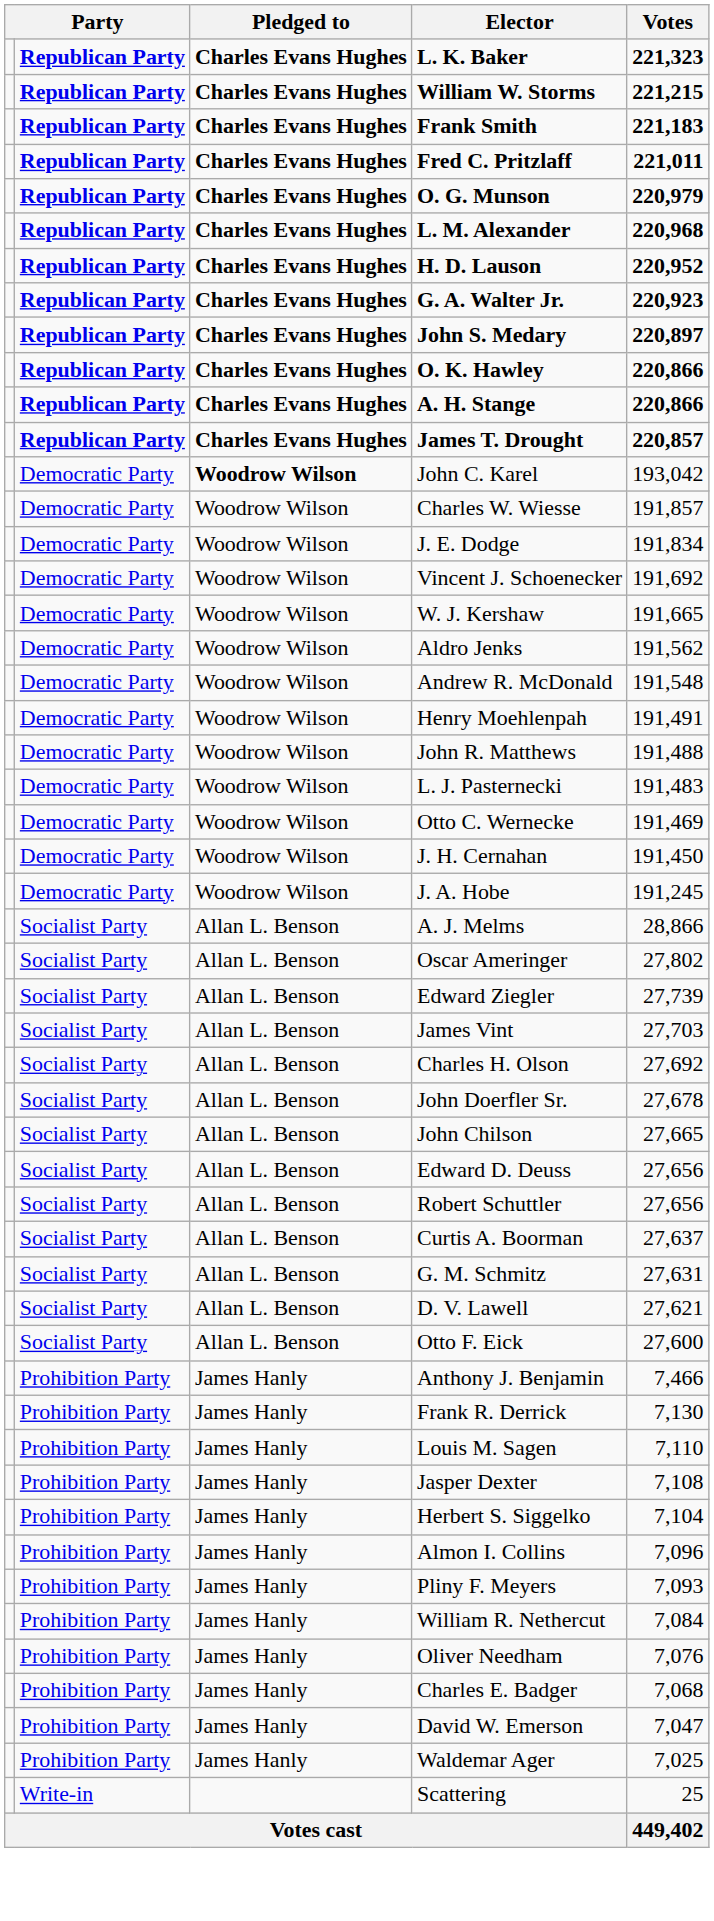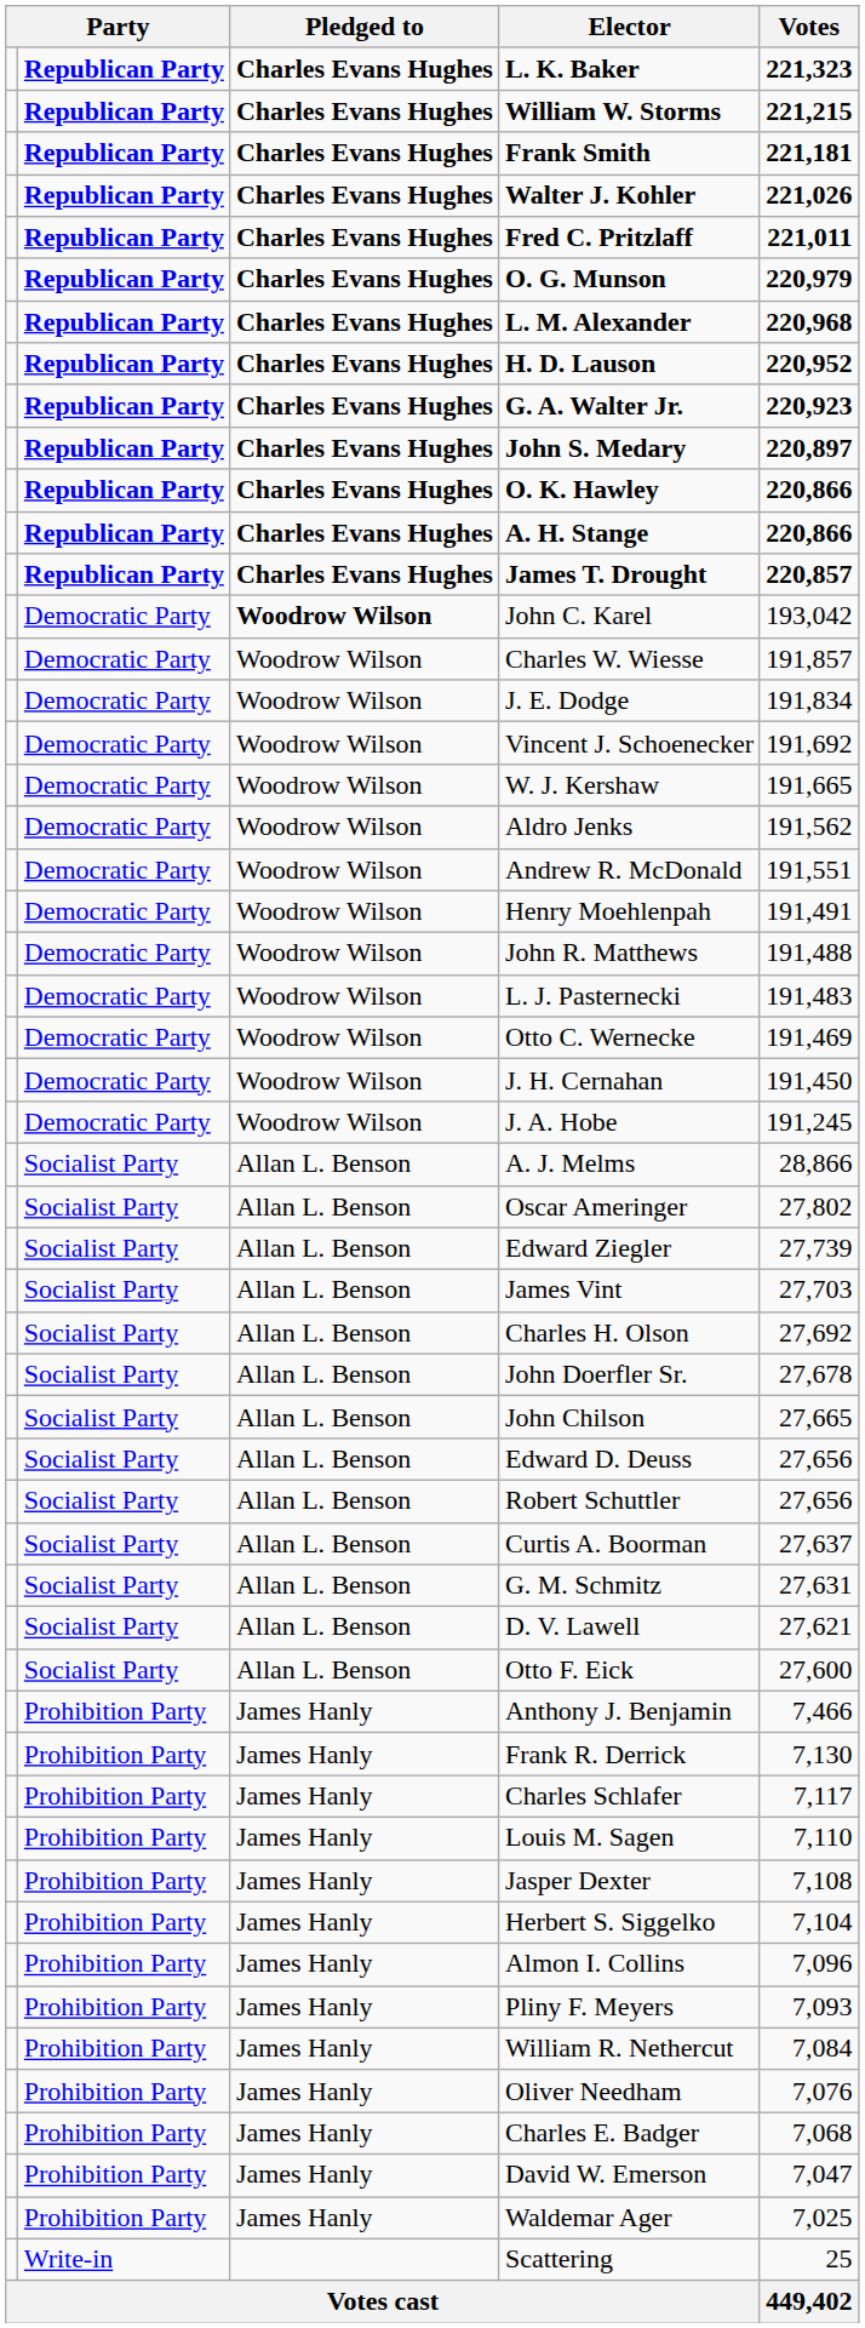 <table class="wikitable">
 <tr>
 <th colspan=2>Party</th>
 <th>Pledged to</th>
 <th>Elector</th>
 <th>Votes</th>
 </tr>
 <tr style="font-weight:bold">
 <td></td>
 <td><a href='#'>Republican Party</a></td>
 <td>Charles Evans Hughes</td>
 <td>L. K. Baker</td>
 <td align="right">221,323</td>
 </tr>
 <tr style="font-weight:bold">
 <td></td>
 <td><a href='#'>Republican Party</a></td>
 <td>Charles Evans Hughes</td>
 <td>William W. Storms</td>
 <td align="right">221,215</td>
 </tr>
 <tr style="font-weight:bold">
 <td></td>
 <td><a href='#'>Republican Party</a></td>
 <td>Charles Evans Hughes</td>
 <td>Frank Smith</td>
-<td align="right">221,183</td>
+<td align="right">221,181</td>
+</tr>
+<tr style="font-weight:bold">
+<td></td>
+<td><a href='#'>Republican Party</a></td>
+<td>Charles Evans Hughes</td>
+<td>Walter J. Kohler</td>
+<td align="right">221,026</td>
 </tr>
 <tr style="font-weight:bold">
 <td></td>
 <td><a href='#'>Republican Party</a></td>
 <td>Charles Evans Hughes</td>
 <td>Fred C. Pritzlaff</td>
 <td align="right">221,011</td>
 </tr>
 <tr style="font-weight:bold">
 <td></td>
 <td><a href='#'>Republican Party</a></td>
 <td>Charles Evans Hughes</td>
 <td>O. G. Munson</td>
 <td align="right">220,979</td>
 </tr>
 <tr style="font-weight:bold">
 <td></td>
 <td><a href='#'>Republican Party</a></td>
 <td>Charles Evans Hughes</td>
 <td>L. M. Alexander</td>
 <td align="right">220,968</td>
 </tr>
 <tr style="font-weight:bold">
 <td></td>
 <td><a href='#'>Republican Party</a></td>
 <td>Charles Evans Hughes</td>
 <td>H. D. Lauson</td>
 <td align="right">220,952</td>
 </tr>
 <tr style="font-weight:bold">
 <td></td>
 <td><a href='#'>Republican Party</a></td>
 <td>Charles Evans Hughes</td>
 <td>G. A. Walter Jr.</td>
 <td align="right">220,923</td>
 </tr>
 <tr style="font-weight:bold">
 <td></td>
 <td><a href='#'>Republican Party</a></td>
 <td>Charles Evans Hughes</td>
 <td>John S. Medary</td>
 <td align="right">220,897</td>
 </tr>
 <tr style="font-weight:bold">
 <td></td>
 <td><a href='#'>Republican Party</a></td>
 <td>Charles Evans Hughes</td>
 <td>O. K. Hawley</td>
 <td align="right">220,866</td>
 </tr>
 <tr style="font-weight:bold">
 <td></td>
 <td><a href='#'>Republican Party</a></td>
 <td>Charles Evans Hughes</td>
 <td>A. H. Stange</td>
 <td align="right">220,866</td>
 </tr>
 <tr style="font-weight:bold">
 <td></td>
 <td><a href='#'>Republican Party</a></td>
 <td>Charles Evans Hughes</td>
 <td>James T. Drought</td>
 <td align="right">220,857</td>
 </tr>
 <tr>
 <td></td>
 <td><a href='#'>Democratic Party</a></td>
 <td><strong>Woodrow Wilson</strong></td>
 <td>John C. Karel</td>
 <td align="right">193,042</td>
 </tr>
 <tr>
 <td></td>
 <td><a href='#'>Democratic Party</a></td>
 <td>Woodrow Wilson</td>
 <td>Charles W. Wiesse</td>
 <td align="right">191,857</td>
 </tr>
 <tr>
 <td></td>
 <td><a href='#'>Democratic Party</a></td>
 <td>Woodrow Wilson</td>
 <td>J. E. Dodge</td>
 <td align="right">191,834</td>
 </tr>
 <tr>
 <td></td>
 <td><a href='#'>Democratic Party</a></td>
 <td>Woodrow Wilson</td>
 <td>Vincent J. Schoenecker</td>
 <td align="right">191,692</td>
 </tr>
 <tr>
 <td></td>
 <td><a href='#'>Democratic Party</a></td>
 <td>Woodrow Wilson</td>
 <td>W. J. Kershaw</td>
 <td align="right">191,665</td>
 </tr>
 <tr>
 <td></td>
 <td><a href='#'>Democratic Party</a></td>
 <td>Woodrow Wilson</td>
 <td>Aldro Jenks</td>
 <td align="right">191,562</td>
 </tr>
 <tr>
 <td></td>
 <td><a href='#'>Democratic Party</a></td>
 <td>Woodrow Wilson</td>
 <td>Andrew R. McDonald</td>
-<td align="right">191,548</td>
+<td align="right">191,551</td>
 </tr>
 <tr>
 <td></td>
 <td><a href='#'>Democratic Party</a></td>
 <td>Woodrow Wilson</td>
 <td>Henry Moehlenpah</td>
 <td align="right">191,491</td>
 </tr>
 <tr>
 <td></td>
 <td><a href='#'>Democratic Party</a></td>
 <td>Woodrow Wilson</td>
 <td>John R. Matthews</td>
 <td align="right">191,488</td>
 </tr>
 <tr>
 <td></td>
 <td><a href='#'>Democratic Party</a></td>
 <td>Woodrow Wilson</td>
 <td>L. J. Pasternecki</td>
 <td align="right">191,483</td>
 </tr>
 <tr>
 <td></td>
 <td><a href='#'>Democratic Party</a></td>
 <td>Woodrow Wilson</td>
 <td>Otto C. Wernecke</td>
 <td align="right">191,469</td>
 </tr>
 <tr>
 <td></td>
 <td><a href='#'>Democratic Party</a></td>
 <td>Woodrow Wilson</td>
 <td>J. H. Cernahan</td>
 <td align="right">191,450</td>
 </tr>
 <tr>
 <td></td>
 <td><a href='#'>Democratic Party</a></td>
 <td>Woodrow Wilson</td>
 <td>J. A. Hobe</td>
 <td align="right">191,245</td>
 </tr>
 <tr>
 <td></td>
 <td><a href='#'>Socialist Party</a></td>
 <td>Allan L. Benson</td>
 <td>A. J. Melms</td>
 <td align="right">28,866</td>
 </tr>
 <tr>
 <td></td>
 <td><a href='#'>Socialist Party</a></td>
 <td>Allan L. Benson</td>
 <td>Oscar Ameringer</td>
 <td align="right">27,802</td>
 </tr>
 <tr>
 <td></td>
 <td><a href='#'>Socialist Party</a></td>
 <td>Allan L. Benson</td>
 <td>Edward Ziegler</td>
 <td align="right">27,739</td>
 </tr>
 <tr>
 <td></td>
 <td><a href='#'>Socialist Party</a></td>
 <td>Allan L. Benson</td>
 <td>James Vint</td>
 <td align="right">27,703</td>
 </tr>
 <tr>
 <td></td>
 <td><a href='#'>Socialist Party</a></td>
 <td>Allan L. Benson</td>
 <td>Charles H. Olson</td>
 <td align="right">27,692</td>
 </tr>
 <tr>
 <td></td>
 <td><a href='#'>Socialist Party</a></td>
 <td>Allan L. Benson</td>
 <td>John Doerfler Sr.</td>
 <td align="right">27,678</td>
 </tr>
 <tr>
 <td></td>
 <td><a href='#'>Socialist Party</a></td>
 <td>Allan L. Benson</td>
 <td>John Chilson</td>
 <td align="right">27,665</td>
 </tr>
 <tr>
 <td></td>
 <td><a href='#'>Socialist Party</a></td>
 <td>Allan L. Benson</td>
 <td>Edward D. Deuss</td>
 <td align="right">27,656</td>
 </tr>
 <tr>
 <td></td>
 <td><a href='#'>Socialist Party</a></td>
 <td>Allan L. Benson</td>
 <td>Robert Schuttler</td>
 <td align="right">27,656</td>
 </tr>
 <tr>
 <td></td>
 <td><a href='#'>Socialist Party</a></td>
 <td>Allan L. Benson</td>
 <td>Curtis A. Boorman</td>
 <td align="right">27,637</td>
 </tr>
 <tr>
 <td></td>
 <td><a href='#'>Socialist Party</a></td>
 <td>Allan L. Benson</td>
 <td>G. M. Schmitz</td>
 <td align="right">27,631</td>
 </tr>
 <tr>
 <td></td>
 <td><a href='#'>Socialist Party</a></td>
 <td>Allan L. Benson</td>
 <td>D. V. Lawell</td>
 <td align="right">27,621</td>
 </tr>
 <tr>
 <td></td>
 <td><a href='#'>Socialist Party</a></td>
 <td>Allan L. Benson</td>
 <td>Otto F. Eick</td>
 <td align="right">27,600</td>
 </tr>
 <tr>
 <td></td>
 <td><a href='#'>Prohibition Party</a></td>
 <td>James Hanly</td>
 <td>Anthony J. Benjamin</td>
 <td align="right">7,466</td>
 </tr>
 <tr>
 <td></td>
 <td><a href='#'>Prohibition Party</a></td>
 <td>James Hanly</td>
 <td>Frank R. Derrick</td>
 <td align="right">7,130</td>
 </tr>
 <tr>
 <td></td>
 <td><a href='#'>Prohibition Party</a></td>
 <td>James Hanly</td>
+<td>Charles Schlafer</td>
+<td align="right">7,117</td>
+</tr>
+<tr>
+<td></td>
+<td><a href='#'>Prohibition Party</a></td>
+<td>James Hanly</td>
 <td>Louis M. Sagen</td>
 <td align="right">7,110</td>
 </tr>
 <tr>
 <td></td>
 <td><a href='#'>Prohibition Party</a></td>
 <td>James Hanly</td>
 <td>Jasper Dexter</td>
 <td align="right">7,108</td>
 </tr>
 <tr>
 <td></td>
 <td><a href='#'>Prohibition Party</a></td>
 <td>James Hanly</td>
 <td>Herbert S. Siggelko</td>
 <td align="right">7,104</td>
 </tr>
 <tr>
 <td></td>
 <td><a href='#'>Prohibition Party</a></td>
 <td>James Hanly</td>
 <td>Almon I. Collins</td>
 <td align="right">7,096</td>
 </tr>
 <tr>
 <td></td>
 <td><a href='#'>Prohibition Party</a></td>
 <td>James Hanly</td>
 <td>Pliny F. Meyers</td>
 <td align="right">7,093</td>
 </tr>
 <tr>
 <td></td>
 <td><a href='#'>Prohibition Party</a></td>
 <td>James Hanly</td>
 <td>William R. Nethercut</td>
 <td align="right">7,084</td>
 </tr>
 <tr>
 <td></td>
 <td><a href='#'>Prohibition Party</a></td>
 <td>James Hanly</td>
 <td>Oliver Needham</td>
 <td align="right">7,076</td>
 </tr>
 <tr>
 <td></td>
 <td><a href='#'>Prohibition Party</a></td>
 <td>James Hanly</td>
 <td>Charles E. Badger</td>
 <td align="right">7,068</td>
 </tr>
 <tr>
 <td></td>
 <td><a href='#'>Prohibition Party</a></td>
 <td>James Hanly</td>
 <td>David W. Emerson</td>
 <td align="right">7,047</td>
 </tr>
 <tr>
 <td></td>
 <td><a href='#'>Prohibition Party</a></td>
 <td>James Hanly</td>
 <td>Waldemar Ager</td>
 <td align="right">7,025</td>
 </tr>
 <tr>
 <td></td>
 <td><a href='#'>Write-in</a></td>
 <td></td>
 <td>Scattering</td>
 <td align="right">25</td>
 </tr>
 <tr>
 <th colspan="4">Votes cast</th>
 <th>449,402</th>
 </tr>
 </table>
